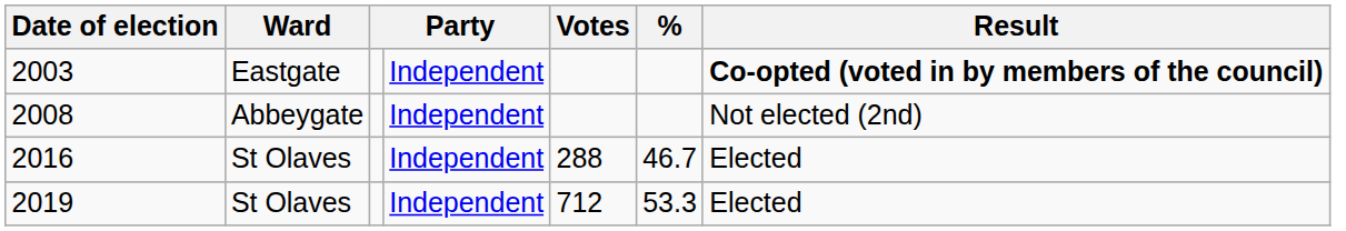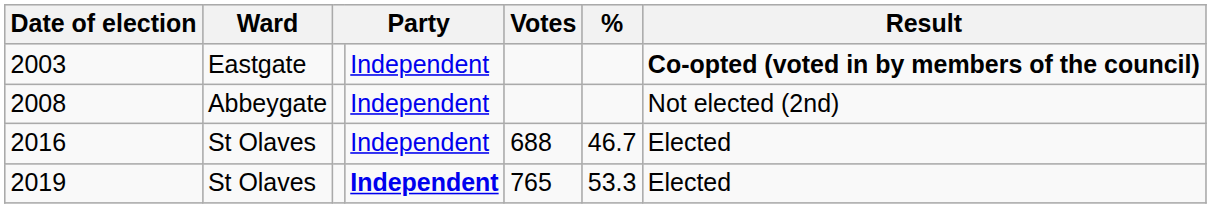 <table class="wikitable">
 <tr>
 <th>Date of election</th>
 <th>Ward</th>
 <th colspan="2">Party</th>
 <th>Votes</th>
 <th>%</th>
 <th>Result</th>
 </tr>
 <tr>
 <td>2003</td>
 <td>Eastgate</td>
 <td style="background-color: "></td>
 <td><a href='#'>Independent</a></td>
 <td></td>
 <td></td>
 <td><strong>Co-opted (voted in by members of the council)</strong></td>
 </tr>
 <tr>
 <td>2008</td>
 <td>Abbeygate</td>
 <td style="background-color: "></td>
 <td><a href='#'>Independent</a></td>
 <td></td>
 <td></td>
 <td>Not elected (2nd)</td>
 </tr>
 <tr>
 <td>2016</td>
 <td>St Olaves</td>
 <td style="background-color: "></td>
 <td><a href='#'>Independent</a></td>
-<td>288</td>
+<td>688</td>
 <td>46.7</td>
 <td>Elected</td>
 </tr>
 <tr>
 <td>2019</td>
 <td>St Olaves</td>
 <td style="background-color: "></td>
-<td><a href='#'>Independent</a></td>
-<td>712</td>
+<td><strong><a href='#'>Independent</a></strong></td>
+<td>765</td>
 <td>53.3</td>
 <td>Elected</td>
 </tr>
 </table>
